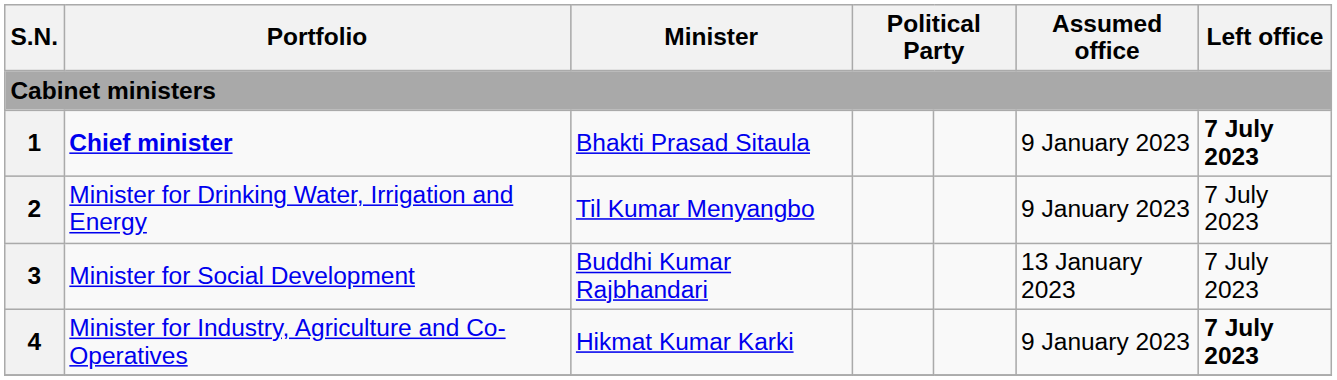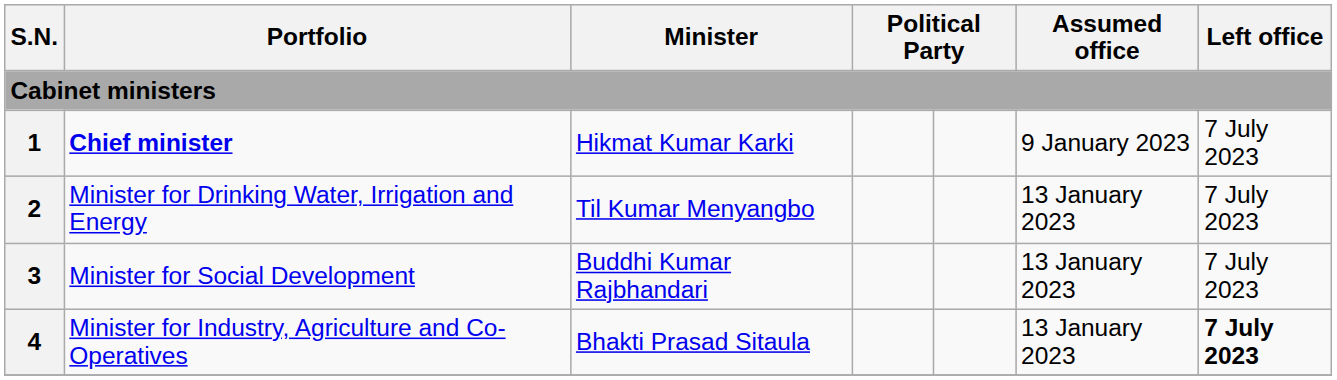 <table class="wikitable">
 <tr>
 <th>S.N.</th>
 <th>Portfolio</th>
 <th>Minister</th>
 <th colspan="2">Political Party</th>
 <th>Assumed office</th>
 <th>Left office</th>
 </tr>
 <tr>
 <td colspan="7" bgcolor="darkgrey"><strong>Cabinet ministers</strong></td>
 </tr>
 <tr>
 <th>1</th>
 <td><strong><a href='#'>Chief minister</a></strong><br></td>
-<td><a href='#'>Bhakti Prasad Sitaula</a></td>
+<td><a href='#'>Hikmat Kumar Karki</a></td>
 <td></td>
 <td></td>
 <td>9 January 2023</td>
-<td><strong>7 July 2023</strong></td>
+<td>7 July 2023</td>
 </tr>
 <tr>
 <th>2</th>
 <td><a href='#'>Minister for Drinking Water, Irrigation and Energy</a></td>
 <td><a href='#'>Til Kumar Menyangbo</a></td>
 <td></td>
 <td></td>
-<td>9 January 2023</td>
+<td>13 January 2023</td>
 <td>7 July 2023</td>
 </tr>
 <tr>
 <th>3</th>
 <td><a href='#'>Minister for Social Development</a></td>
 <td><a href='#'>Buddhi Kumar Rajbhandari</a></td>
 <td></td>
 <td></td>
 <td>13 January 2023</td>
 <td>7 July 2023</td>
 </tr>
 <tr>
 <th>4</th>
 <td><a href='#'>Minister for Industry, Agriculture and Co-Operatives</a></td>
-<td><a href='#'>Hikmat Kumar Karki</a></td>
+<td><a href='#'>Bhakti Prasad Sitaula</a></td>
 <td></td>
 <td></td>
-<td>9 January 2023</td>
+<td>13 January 2023</td>
 <td><strong>7 July 2023</strong></td>
 </tr>
 <tr>
 </tr>
 </table>
